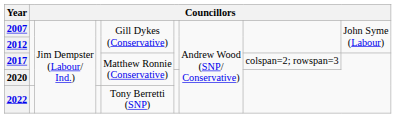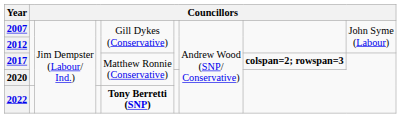 <table class="wikitable" style="text-align:center">
 <tr>
 <th>Year</th>
 <th colspan=8>Councillors</th>
 </tr>
 <tr>
 <th><a href='#'>2007</a></th>
 <td rowspan=4; style="background-color: "></td>
 <td rowspan=5>Jim Dempster<br>(<a href='#'>Labour</a>/<br><a href='#'>Ind.</a>)</td>
 <td rowspan=4; style="background-color: "></td>
 <td rowspan=2>Gill Dykes<br>(<a href='#'>Conservative</a>)</td>
 <td rowspan=3; style="background-color: "></td>
 <td rowspan=5>Andrew Wood<br>(<a href='#'>SNP</a>/<br><a href='#'>Conservative</a>)</td>
 <td rowspan=2; style="background-color: "></td>
 <td rowspan=2>John Syme<br>(<a href='#'>Labour</a>)</td>
 </tr>
 <tr>
 <th><a href='#'>2012</a></th>
 </tr>
 <tr>
 <th><a href='#'>2017</a></th>
 <td rowspan=2>Matthew Ronnie<br>(<a href='#'>Conservative</a>)</td>
-<td>colspan=2; rowspan=3 </td>
+<td><strong>colspan=2; rowspan=3 </strong></td>
 </tr>
 <tr>
 <th>2020</th>
 <td rowspan=2; style="background-color: "></td>
 </tr>
 <tr>
 <th><a href='#'>2022</a></th>
 <td style="background-color: "></td>
 <td style="background-color: "></td>
-<td>Tony Berretti<br>(<a href='#'>SNP</a>)</td>
+<td><strong>Tony Berretti<br>(<a href='#'>SNP</a>)</strong></td>
 </tr>
 </table>
